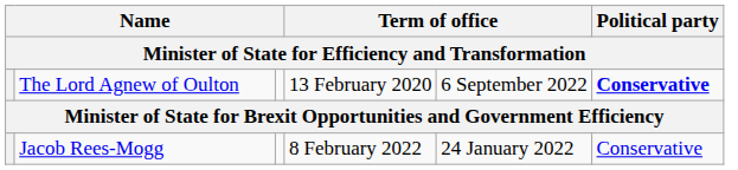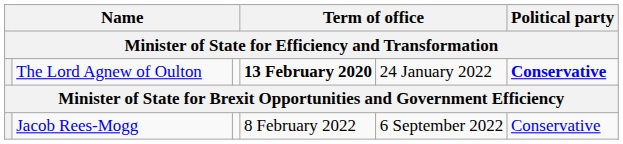 <table class="wikitable">
 <tr>
 <th colspan="3">Name</th>
 <th colspan="2">Term of office</th>
 <th>Political party</th>
 </tr>
 <tr>
 <th colspan="6">Minister of State for Efficiency and Transformation</th>
 </tr>
 <tr>
 <th style="background-color: "></th>
 <td width="200"><a href='#'>The Lord Agnew of Oulton</a></td>
 <td></td>
-<td>13 February 2020</td>
-<td>6 September 2022</td>
+<td><strong>13 February 2020</strong></td>
+<td>24 January 2022</td>
 <td><strong><a href='#'>Conservative</a></strong></td>
 </tr>
 <tr>
 <th colspan="6">Minister of State for Brexit Opportunities and Government Efficiency</th>
 </tr>
 <tr>
 <th style="background-color: "></th>
 <td width="200"><a href='#'>Jacob Rees-Mogg</a></td>
 <td></td>
 <td>8 February 2022</td>
-<td>24 January 2022</td>
+<td>6 September 2022</td>
 <td><a href='#'>Conservative</a></td>
 </tr>
 </table>
